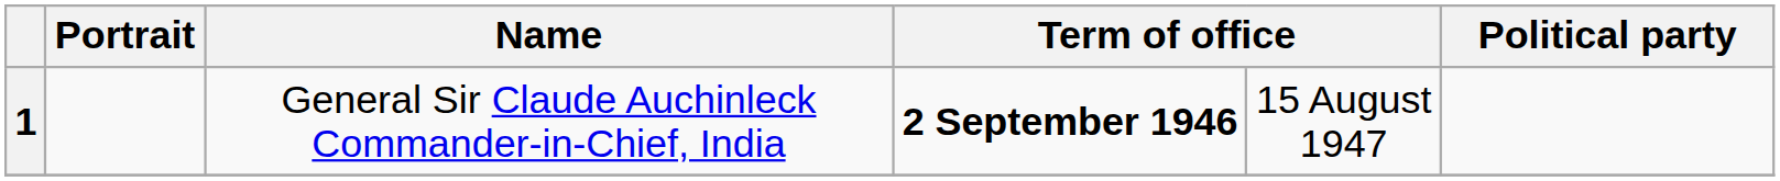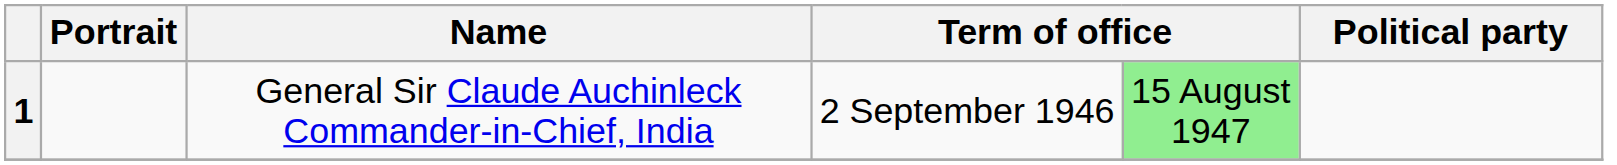 <table class="wikitable" style="text-align:center">
 <tr>
 <th></th>
 <th>Portrait</th>
 <th style="width:17em">Name</th>
 <th colspan="2">Term of office</th>
 <th style="width:8em">Political party</th>
 </tr>
 <tr>
 <th>1</th>
 <td></td>
 <td>General Sir <a href='#'>Claude Auchinleck</a><br><a href='#'>Commander-in-Chief, India</a></td>
-<td><strong>2 September 1946</strong></td>
-<td>15 August<br>1947</td>
+<td>2 September 1946</td>
+<td style="background: lightgreen;">15 August<br>1947</td>
 <td></td>
 </tr>
 <tr>
 </tr>
 </table>
